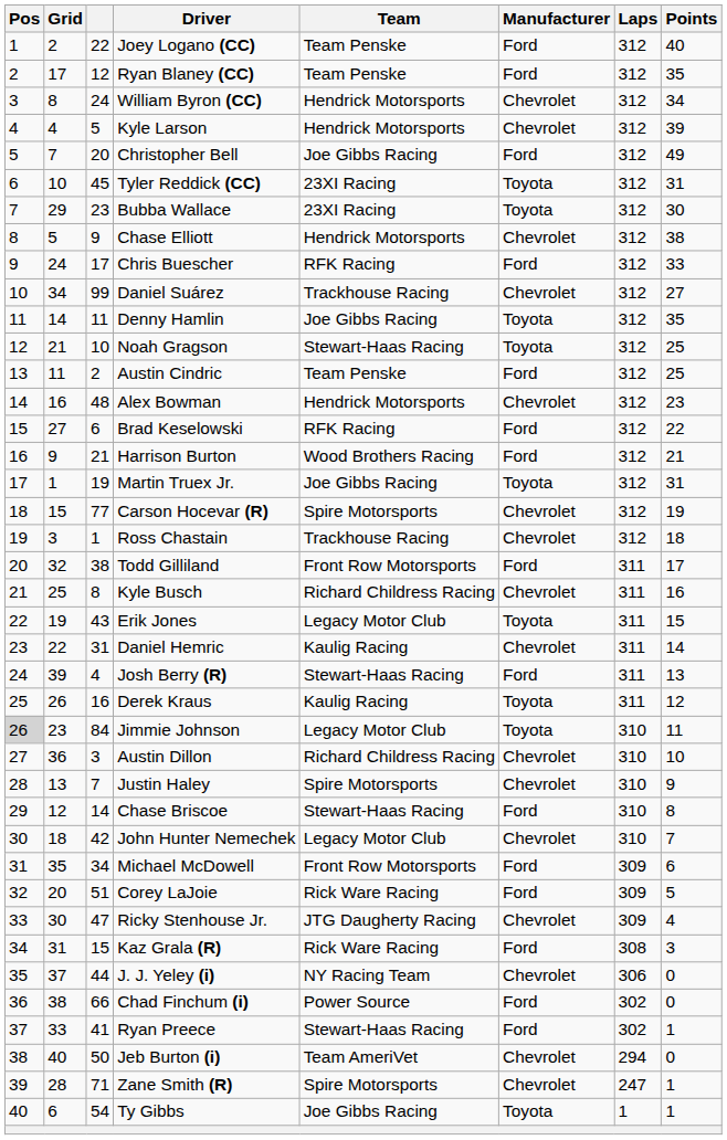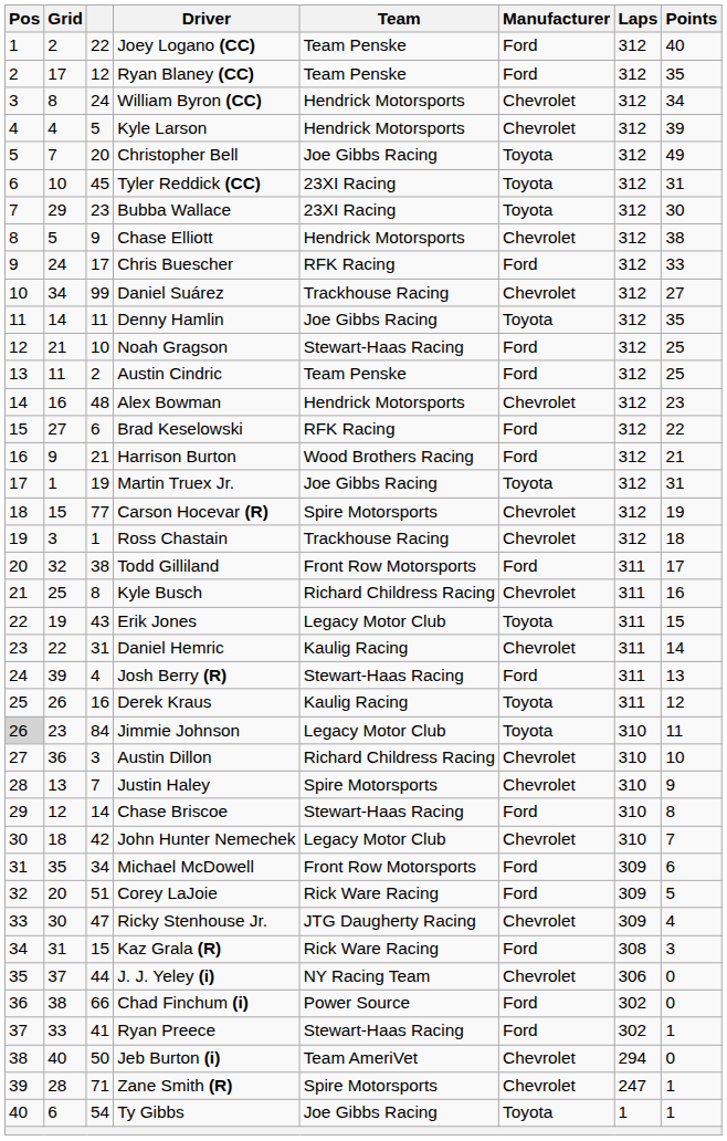 <table class="wikitable" style="font-size:98%">
 <tr>
 <th>Pos</th>
 <th>Grid</th>
 <th></th>
 <th>Driver</th>
 <th>Team</th>
 <th>Manufacturer</th>
 <th>Laps</th>
 <th>Points</th>
 </tr>
 <tr>
 <td>1</td>
 <td>2</td>
 <td>22</td>
 <td>Joey Logano <strong>(CC)</strong></td>
 <td>Team Penske</td>
 <td>Ford</td>
 <td>312</td>
 <td>40</td>
 </tr>
 <tr>
 <td>2</td>
 <td>17</td>
 <td>12</td>
 <td>Ryan Blaney <strong>(CC)</strong></td>
 <td>Team Penske</td>
 <td>Ford</td>
 <td>312</td>
 <td>35</td>
 </tr>
 <tr>
 <td>3</td>
 <td>8</td>
 <td>24</td>
 <td>William Byron <strong>(CC)</strong></td>
 <td>Hendrick Motorsports</td>
 <td>Chevrolet</td>
 <td>312</td>
 <td>34</td>
 </tr>
 <tr>
 <td>4</td>
 <td>4</td>
 <td>5</td>
 <td>Kyle Larson</td>
 <td>Hendrick Motorsports</td>
 <td>Chevrolet</td>
 <td>312</td>
 <td>39</td>
 </tr>
 <tr>
 <td>5</td>
 <td>7</td>
 <td>20</td>
 <td>Christopher Bell</td>
 <td>Joe Gibbs Racing</td>
-<td>Ford</td>
+<td>Toyota</td>
 <td>312</td>
 <td>49</td>
 </tr>
 <tr>
 <td>6</td>
 <td>10</td>
 <td>45</td>
 <td>Tyler Reddick <strong>(CC)</strong></td>
 <td>23XI Racing</td>
 <td>Toyota</td>
 <td>312</td>
 <td>31</td>
 </tr>
 <tr>
 <td>7</td>
 <td>29</td>
 <td>23</td>
 <td>Bubba Wallace</td>
 <td>23XI Racing</td>
 <td>Toyota</td>
 <td>312</td>
 <td>30</td>
 </tr>
 <tr>
 <td>8</td>
 <td>5</td>
 <td>9</td>
 <td>Chase Elliott</td>
 <td>Hendrick Motorsports</td>
 <td>Chevrolet</td>
 <td>312</td>
 <td>38</td>
 </tr>
 <tr>
 <td>9</td>
 <td>24</td>
 <td>17</td>
 <td>Chris Buescher</td>
 <td>RFK Racing</td>
 <td>Ford</td>
 <td>312</td>
 <td>33</td>
 </tr>
 <tr>
 <td>10</td>
 <td>34</td>
 <td>99</td>
 <td>Daniel Suárez</td>
 <td>Trackhouse Racing</td>
 <td>Chevrolet</td>
 <td>312</td>
 <td>27</td>
 </tr>
 <tr>
 <td>11</td>
 <td>14</td>
 <td>11</td>
 <td>Denny Hamlin</td>
 <td>Joe Gibbs Racing</td>
 <td>Toyota</td>
 <td>312</td>
 <td>35</td>
 </tr>
 <tr>
 <td>12</td>
 <td>21</td>
 <td>10</td>
 <td>Noah Gragson</td>
 <td>Stewart-Haas Racing</td>
-<td>Toyota</td>
+<td>Ford</td>
 <td>312</td>
 <td>25</td>
 </tr>
 <tr>
 <td>13</td>
 <td>11</td>
 <td>2</td>
 <td>Austin Cindric</td>
 <td>Team Penske</td>
 <td>Ford</td>
 <td>312</td>
 <td>25</td>
 </tr>
 <tr>
 <td>14</td>
 <td>16</td>
 <td>48</td>
 <td>Alex Bowman</td>
 <td>Hendrick Motorsports</td>
 <td>Chevrolet</td>
 <td>312</td>
 <td>23</td>
 </tr>
 <tr>
 <td>15</td>
 <td>27</td>
 <td>6</td>
 <td>Brad Keselowski</td>
 <td>RFK Racing</td>
 <td>Ford</td>
 <td>312</td>
 <td>22</td>
 </tr>
 <tr>
 <td>16</td>
 <td>9</td>
 <td>21</td>
 <td>Harrison Burton</td>
 <td>Wood Brothers Racing</td>
 <td>Ford</td>
 <td>312</td>
 <td>21</td>
 </tr>
 <tr>
 <td>17</td>
 <td>1</td>
 <td>19</td>
 <td>Martin Truex Jr.</td>
 <td>Joe Gibbs Racing</td>
 <td>Toyota</td>
 <td>312</td>
 <td>31</td>
 </tr>
 <tr>
 <td>18</td>
 <td>15</td>
 <td>77</td>
 <td>Carson Hocevar <strong>(R)</strong></td>
 <td>Spire Motorsports</td>
 <td>Chevrolet</td>
 <td>312</td>
 <td>19</td>
 </tr>
 <tr>
 <td>19</td>
 <td>3</td>
 <td>1</td>
 <td>Ross Chastain</td>
 <td>Trackhouse Racing</td>
 <td>Chevrolet</td>
 <td>312</td>
 <td>18</td>
 </tr>
 <tr>
 <td>20</td>
 <td>32</td>
 <td>38</td>
 <td>Todd Gilliland</td>
 <td>Front Row Motorsports</td>
 <td>Ford</td>
 <td>311</td>
 <td>17</td>
 </tr>
 <tr>
 <td>21</td>
 <td>25</td>
 <td>8</td>
 <td>Kyle Busch</td>
 <td>Richard Childress Racing</td>
 <td>Chevrolet</td>
 <td>311</td>
 <td>16</td>
 </tr>
 <tr>
 <td>22</td>
 <td>19</td>
 <td>43</td>
 <td>Erik Jones</td>
 <td>Legacy Motor Club</td>
 <td>Toyota</td>
 <td>311</td>
 <td>15</td>
 </tr>
 <tr>
 <td>23</td>
 <td>22</td>
 <td>31</td>
 <td>Daniel Hemric</td>
 <td>Kaulig Racing</td>
 <td>Chevrolet</td>
 <td>311</td>
 <td>14</td>
 </tr>
 <tr>
 <td>24</td>
 <td>39</td>
 <td>4</td>
 <td>Josh Berry <strong>(R)</strong></td>
 <td>Stewart-Haas Racing</td>
 <td>Ford</td>
 <td>311</td>
 <td>13</td>
 </tr>
 <tr>
 <td>25</td>
 <td>26</td>
 <td>16</td>
 <td>Derek Kraus</td>
 <td>Kaulig Racing</td>
 <td>Toyota</td>
 <td>311</td>
 <td>12</td>
 </tr>
 <tr>
 <td style="background: lightgrey;">26</td>
 <td>23</td>
 <td>84</td>
 <td>Jimmie Johnson</td>
 <td>Legacy Motor Club</td>
 <td>Toyota</td>
 <td>310</td>
 <td>11</td>
 </tr>
 <tr>
 <td>27</td>
 <td>36</td>
 <td>3</td>
 <td>Austin Dillon</td>
 <td>Richard Childress Racing</td>
 <td>Chevrolet</td>
 <td>310</td>
 <td>10</td>
 </tr>
 <tr>
 <td>28</td>
 <td>13</td>
 <td>7</td>
 <td>Justin Haley</td>
 <td>Spire Motorsports</td>
 <td>Chevrolet</td>
 <td>310</td>
 <td>9</td>
 </tr>
 <tr>
 <td>29</td>
 <td>12</td>
 <td>14</td>
 <td>Chase Briscoe</td>
 <td>Stewart-Haas Racing</td>
 <td>Ford</td>
 <td>310</td>
 <td>8</td>
 </tr>
 <tr>
 <td>30</td>
 <td>18</td>
 <td>42</td>
 <td>John Hunter Nemechek</td>
 <td>Legacy Motor Club</td>
 <td>Chevrolet</td>
 <td>310</td>
 <td>7</td>
 </tr>
 <tr>
 <td>31</td>
 <td>35</td>
 <td>34</td>
 <td>Michael McDowell</td>
 <td>Front Row Motorsports</td>
 <td>Ford</td>
 <td>309</td>
 <td>6</td>
 </tr>
 <tr>
 <td>32</td>
 <td>20</td>
 <td>51</td>
 <td>Corey LaJoie</td>
 <td>Rick Ware Racing</td>
 <td>Ford</td>
 <td>309</td>
 <td>5</td>
 </tr>
 <tr>
 <td>33</td>
 <td>30</td>
 <td>47</td>
 <td>Ricky Stenhouse Jr.</td>
 <td>JTG Daugherty Racing</td>
 <td>Chevrolet</td>
 <td>309</td>
 <td>4</td>
 </tr>
 <tr>
 <td>34</td>
 <td>31</td>
 <td>15</td>
 <td>Kaz Grala <strong>(R)</strong></td>
 <td>Rick Ware Racing</td>
 <td>Ford</td>
 <td>308</td>
 <td>3</td>
 </tr>
 <tr>
 <td>35</td>
 <td>37</td>
 <td>44</td>
 <td>J. J. Yeley <strong>(i)</strong></td>
 <td>NY Racing Team</td>
 <td>Chevrolet</td>
 <td>306</td>
 <td>0</td>
 </tr>
 <tr>
 <td>36</td>
 <td>38</td>
 <td>66</td>
 <td>Chad Finchum <strong>(i)</strong></td>
 <td>Power Source</td>
 <td>Ford</td>
 <td>302</td>
 <td>0</td>
 </tr>
 <tr>
 <td>37</td>
 <td>33</td>
 <td>41</td>
 <td>Ryan Preece</td>
 <td>Stewart-Haas Racing</td>
 <td>Ford</td>
 <td>302</td>
 <td>1</td>
 </tr>
 <tr>
 <td>38</td>
 <td>40</td>
 <td>50</td>
 <td>Jeb Burton <strong>(i)</strong></td>
 <td>Team AmeriVet</td>
 <td>Chevrolet</td>
 <td>294</td>
 <td>0</td>
 </tr>
 <tr>
 <td>39</td>
 <td>28</td>
 <td>71</td>
 <td>Zane Smith <strong>(R)</strong></td>
 <td>Spire Motorsports</td>
 <td>Chevrolet</td>
 <td>247</td>
 <td>1</td>
 </tr>
 <tr>
 <td>40</td>
 <td>6</td>
 <td>54</td>
 <td>Ty Gibbs</td>
 <td>Joe Gibbs Racing</td>
 <td>Toyota</td>
 <td>1</td>
 <td>1</td>
 </tr>
 <tr>
 <th colspan="8"></th>
 </tr>
 </table>
